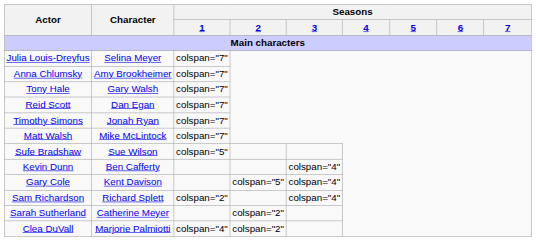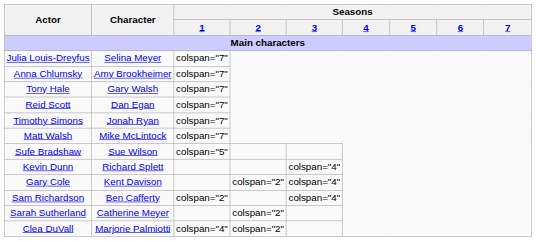 <table class="wikitable plainrowheaders" style="text-align:center;">
 <tr>
 <th scope="col" rowspan="2">Actor</th>
 <th scope="col" rowspan="2">Character</th>
 <th scope="col" colspan="7">Seasons</th>
 </tr>
 <tr>
 <th scope="col" style="width:70px;"><a href='#'>1</a></th>
 <th scope="col" style="width:70px;"><a href='#'>2</a></th>
 <th scope="col" style="width:70px;"><a href='#'>3</a></th>
 <th scope="col" style="width:70px;"><a href='#'>4</a></th>
 <th scope="col" style="width:70px;"><a href='#'>5</a></th>
 <th scope="col" style="width:70px;"><a href='#'>6</a></th>
 <th scope="col" style="width:70px;"><a href='#'>7</a></th>
 </tr>
 <tr>
 <th colspan="9" style="background:#ccf;">Main characters</th>
 </tr>
 <tr>
 <td scope="row"><a href='#'>Julia Louis-Dreyfus</a></td>
 <td><a href='#'>Selina Meyer</a></td>
 <td>colspan="7" </td>
 </tr>
 <tr>
 <td scope="row"><a href='#'>Anna Chlumsky</a></td>
 <td><a href='#'>Amy Brookheimer</a></td>
 <td>colspan="7" </td>
 </tr>
 <tr>
 <td scope="row"><a href='#'>Tony Hale</a></td>
 <td><a href='#'>Gary Walsh</a></td>
 <td>colspan="7" </td>
 </tr>
 <tr>
 <td scope="row"><a href='#'>Reid Scott</a></td>
 <td><a href='#'>Dan Egan</a></td>
 <td>colspan="7" </td>
 </tr>
 <tr>
 <td scope="row"><a href='#'>Timothy Simons</a></td>
 <td><a href='#'>Jonah Ryan</a></td>
 <td>colspan="7" </td>
 </tr>
 <tr>
 <td scope="row"><a href='#'>Matt Walsh</a></td>
 <td><a href='#'>Mike McLintock</a></td>
 <td>colspan="7" </td>
 </tr>
 <tr>
 <td scope="row"><a href='#'>Sufe Bradshaw</a></td>
 <td><a href='#'>Sue Wilson</a></td>
 <td>colspan="5" </td>
 <td></td>
 <td></td>
 </tr>
 <tr>
 <td scope="row"><a href='#'>Kevin Dunn</a></td>
-<td><a href='#'>Ben Cafferty</a></td>
+<td><a href='#'>Richard Splett</a></td>
 <td></td>
 <td></td>
 <td>colspan="4" </td>
 </tr>
 <tr>
 <td scope="row"><a href='#'>Gary Cole</a></td>
 <td><a href='#'>Kent Davison</a></td>
 <td></td>
-<td>colspan="5" </td>
+<td>colspan="2" </td>
 <td>colspan="4" </td>
 </tr>
 <tr>
 <td scope="row"><a href='#'>Sam Richardson</a></td>
-<td><a href='#'>Richard Splett</a></td>
+<td><a href='#'>Ben Cafferty</a></td>
 <td>colspan="2" </td>
 <td></td>
 <td>colspan="4" </td>
 </tr>
 <tr>
 <td scope="row"><a href='#'>Sarah Sutherland</a></td>
 <td><a href='#'>Catherine Meyer</a></td>
 <td></td>
 <td>colspan="2" </td>
 <td></td>
 </tr>
 <tr>
 <td scope="row"><a href='#'>Clea DuVall</a></td>
 <td><a href='#'>Marjorie Palmiotti</a></td>
 <td>colspan="4" </td>
 <td>colspan="2" </td>
 <td></td>
 </tr>
 </table>
